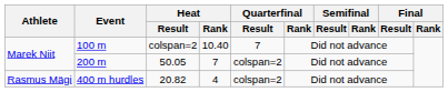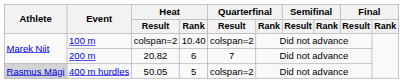 <table class="wikitable" style="font-size:90%">
 <tr>
 <th rowspan="2">Athlete</th>
 <th rowspan="2">Event</th>
 <th colspan="2">Heat</th>
 <th colspan="2">Quarterfinal</th>
 <th colspan="2">Semifinal</th>
 <th colspan="2">Final</th>
 </tr>
 <tr style="font-size:95%">
 <th>Result</th>
 <th>Rank</th>
 <th>Result</th>
 <th>Rank</th>
 <th>Result</th>
 <th>Rank</th>
 <th>Result</th>
 <th>Rank</th>
 </tr>
 <tr align=center>
 <td align=left rowspan=2><a href='#'>Marek Niit</a></td>
 <td align=left><a href='#'>100 m</a></td>
 <td>colspan=2 </td>
 <td>10.40</td>
+<td>colspan=2 </td>
+<td colspan=4>Did not advance</td>
+</tr>
+<tr align=center>
+<td align=left><a href='#'>200 m</a></td>
+<td>20.82</td>
+<td>6</td>
 <td>7</td>
 <td colspan=4>Did not advance</td>
 </tr>
 <tr align=center>
-<td align=left><a href='#'>200 m</a></td>
+<td align=left style="background: lightgrey;"><a href='#'>Rasmus Mägi</a></td>
+<td align=left><a href='#'>400 m hurdles</a></td>
 <td>50.05</td>
-<td>7</td>
-<td>colspan=2 </td>
-<td colspan=4>Did not advance</td>
-</tr>
-<tr align=center>
-<td align=left><a href='#'>Rasmus Mägi</a></td>
-<td align=left><a href='#'>400 m hurdles</a></td>
-<td>20.82</td>
-<td>4</td>
+<td>5</td>
 <td>colspan=2 </td>
 <td colspan=4>Did not advance</td>
 </tr>
 </table>
